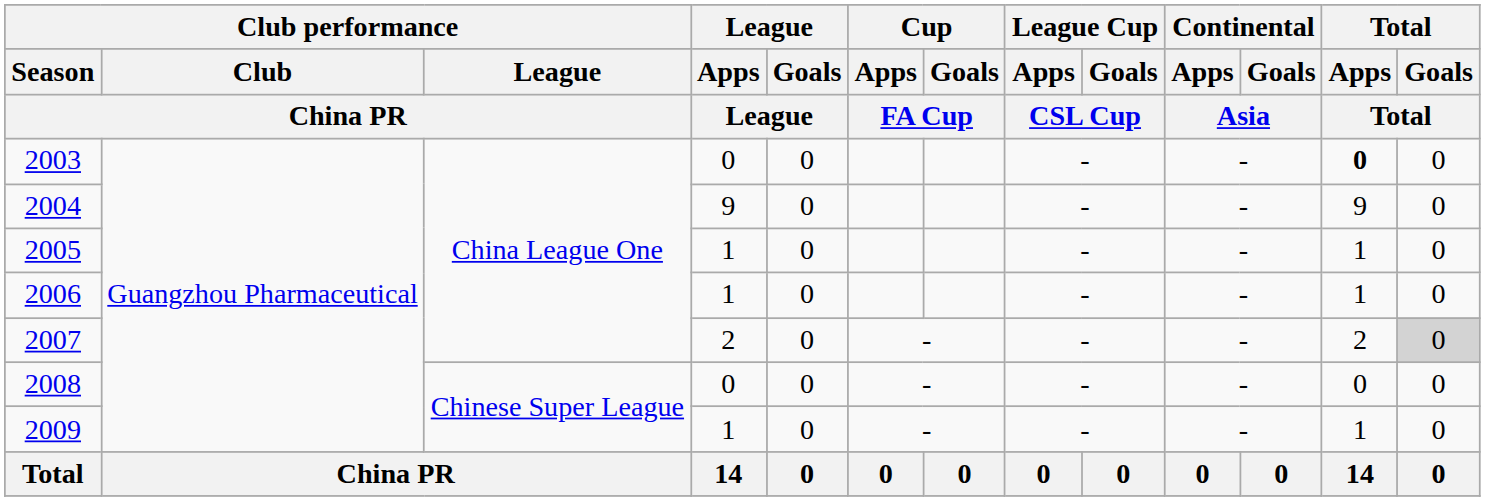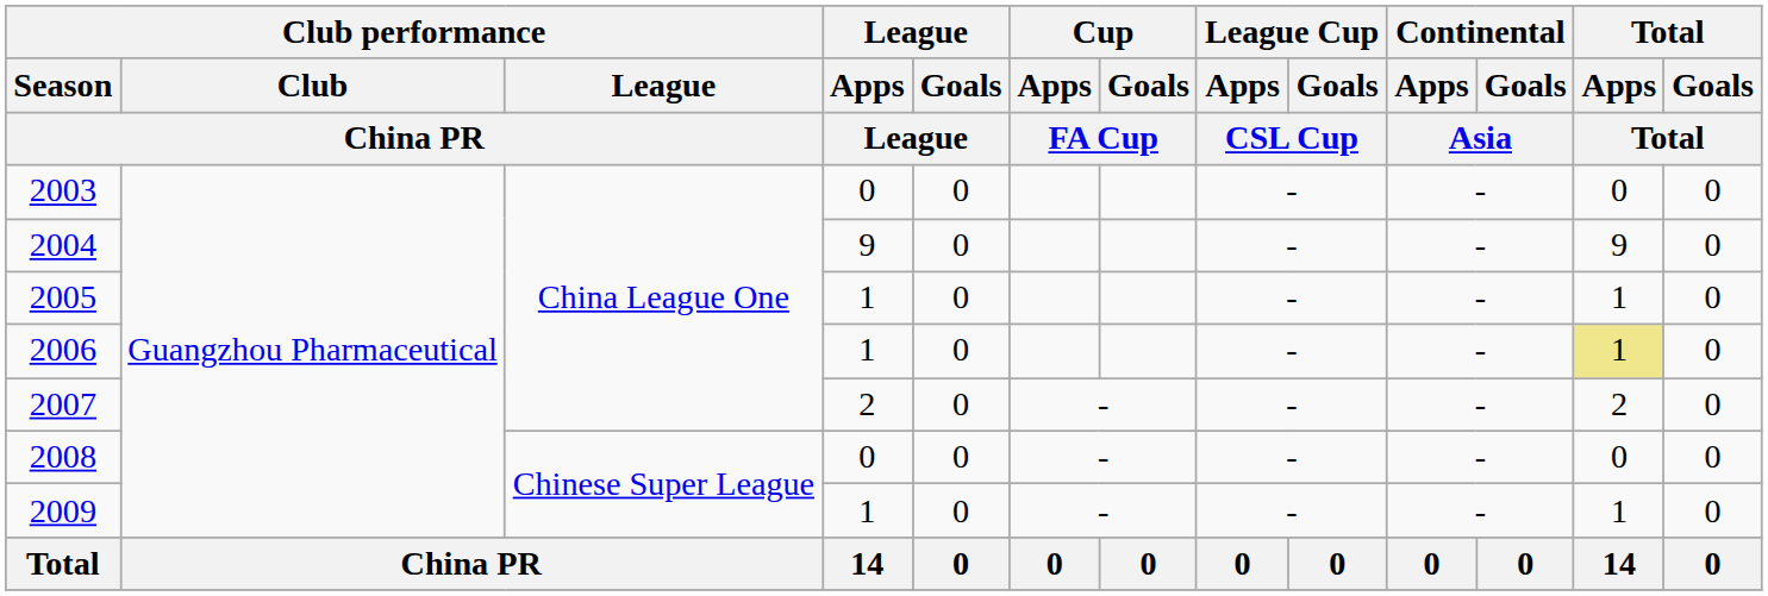 <table class="wikitable" style="text-align:center">
 <tr>
 <th colspan=3>Club performance</th>
 <th colspan=2>League</th>
 <th colspan=2>Cup</th>
 <th colspan=2>League Cup</th>
 <th colspan=2>Continental</th>
 <th colspan=2>Total</th>
 </tr>
 <tr>
 <th>Season</th>
 <th>Club</th>
 <th>League</th>
 <th>Apps</th>
 <th>Goals</th>
 <th>Apps</th>
 <th>Goals</th>
 <th>Apps</th>
 <th>Goals</th>
 <th>Apps</th>
 <th>Goals</th>
 <th>Apps</th>
 <th>Goals</th>
 </tr>
 <tr>
 <th colspan=3>China PR</th>
 <th colspan=2>League</th>
 <th colspan=2><a href='#'>FA Cup</a></th>
 <th colspan=2><a href='#'>CSL Cup</a></th>
 <th colspan=2><a href='#'>Asia</a></th>
 <th colspan=2>Total</th>
 </tr>
 <tr>
 <td><a href='#'>2003</a></td>
 <td rowspan="7"><a href='#'>Guangzhou Pharmaceutical</a></td>
 <td rowspan="5"><a href='#'>China League One</a></td>
 <td>0</td>
 <td>0</td>
 <td></td>
 <td></td>
 <td colspan="2">-</td>
 <td colspan="2">-</td>
-<td><strong>0</strong></td>
+<td>0</td>
 <td>0</td>
 </tr>
 <tr>
 <td><a href='#'>2004</a></td>
 <td>9</td>
 <td>0</td>
 <td></td>
 <td></td>
 <td colspan="2">-</td>
 <td colspan="2">-</td>
 <td>9</td>
 <td>0</td>
 </tr>
 <tr>
 <td><a href='#'>2005</a></td>
 <td>1</td>
 <td>0</td>
 <td></td>
 <td></td>
 <td colspan="2">-</td>
 <td colspan="2">-</td>
 <td>1</td>
 <td>0</td>
 </tr>
 <tr>
 <td><a href='#'>2006</a></td>
 <td>1</td>
 <td>0</td>
 <td></td>
 <td></td>
 <td colspan="2">-</td>
 <td colspan="2">-</td>
-<td>1</td>
+<td style="background: khaki;">1</td>
 <td>0</td>
 </tr>
 <tr>
 <td><a href='#'>2007</a></td>
 <td>2</td>
 <td>0</td>
 <td colspan="2">-</td>
 <td colspan="2">-</td>
 <td colspan="2">-</td>
 <td>2</td>
-<td style="background: lightgrey;">0</td>
+<td>0</td>
 </tr>
 <tr>
 <td><a href='#'>2008</a></td>
 <td rowspan="2"><a href='#'>Chinese Super League</a></td>
 <td>0</td>
 <td>0</td>
 <td colspan="2">-</td>
 <td colspan="2">-</td>
 <td colspan="2">-</td>
 <td>0</td>
 <td>0</td>
 </tr>
 <tr>
 <td><a href='#'>2009</a></td>
 <td>1</td>
 <td>0</td>
 <td colspan="2">-</td>
 <td colspan="2">-</td>
 <td colspan="2">-</td>
 <td>1</td>
 <td>0</td>
 </tr>
 <tr>
 <th rowspan=3>Total</th>
 <th colspan=2>China PR</th>
 <th>14</th>
 <th>0</th>
 <th>0</th>
 <th>0</th>
 <th>0</th>
 <th>0</th>
 <th>0</th>
 <th>0</th>
 <th>14</th>
 <th>0</th>
 </tr>
 </table>
